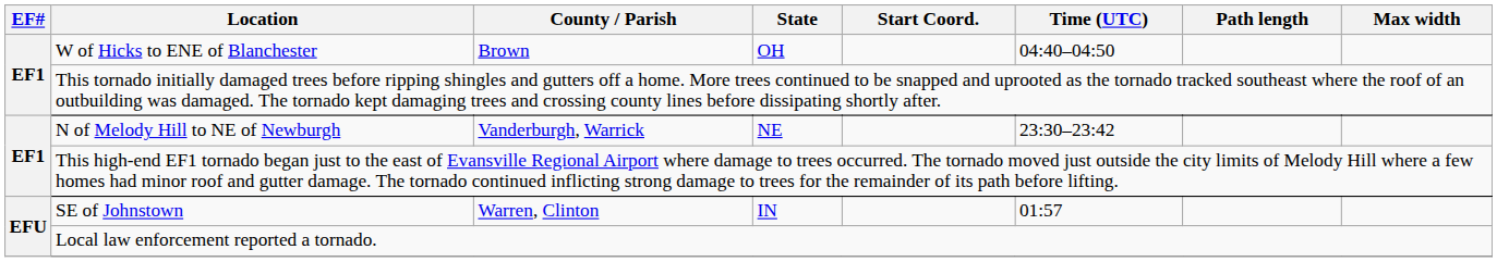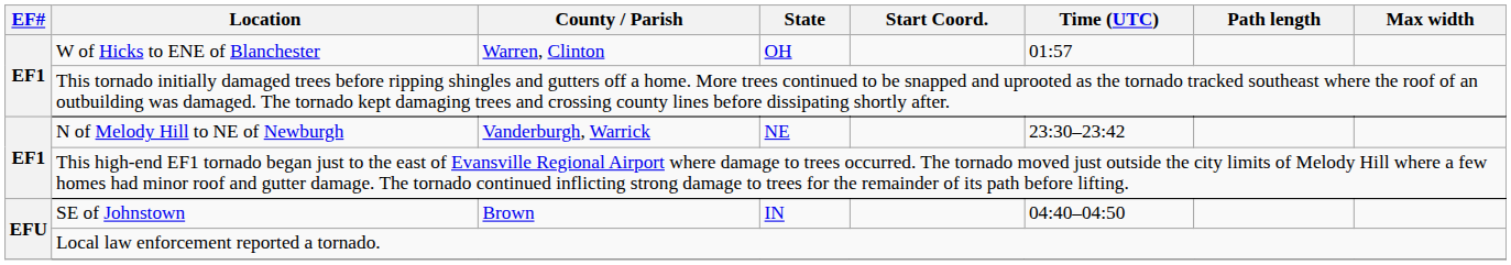 <table class="wikitable sortable" style="width:100%;">
 <tr>
 <th scope="col" width="2%" align="center"><a href='#'>EF#</a></th>
 <th scope="col" align="center" class="unsortable">Location</th>
 <th scope="col" align="center" class="unsortable">County / Parish</th>
 <th scope="col" align="center">State</th>
 <th scope="col" align="center">Start Coord.</th>
 <th scope="col" align="center">Time (<a href='#'>UTC</a>)</th>
 <th scope="col" align="center">Path length</th>
 <th scope="col" align="center">Max width</th>
 </tr>
 <tr>
 <th scope="row" rowspan="2" style="background-color:#">EF1</th>
 <td>W of <a href='#'>Hicks</a> to ENE of <a href='#'>Blanchester</a></td>
-<td><a href='#'>Brown</a></td>
+<td><a href='#'>Warren</a>, <a href='#'>Clinton</a></td>
 <td><a href='#'>OH</a></td>
 <td></td>
-<td>04:40–04:50</td>
+<td>01:57</td>
 <td></td>
 <td></td>
 </tr>
 <tr class="expand-child">
 <td colspan="8" style=" border-bottom: 1px solid black;">This tornado initially damaged trees before ripping shingles and gutters off a home. More trees continued to be snapped and uprooted as the tornado tracked southeast where the roof of an outbuilding was damaged. The tornado kept damaging trees and crossing county lines before dissipating shortly after.</td>
 </tr>
 <tr>
 <th scope="row" rowspan="2" style="background-color:#">EF1</th>
 <td>N of <a href='#'>Melody Hill</a> to NE of <a href='#'>Newburgh</a></td>
 <td><a href='#'>Vanderburgh</a>, <a href='#'>Warrick</a></td>
 <td><a href='#'>NE</a></td>
 <td></td>
 <td>23:30–23:42</td>
 <td></td>
 <td></td>
 </tr>
 <tr class="expand-child">
 <td colspan="8" style=" border-bottom: 1px solid black;">This high-end EF1 tornado began just to the east of <a href='#'>Evansville Regional Airport</a> where damage to trees occurred. The tornado moved just outside the city limits of Melody Hill where a few homes had minor roof and gutter damage. The tornado continued inflicting strong damage to trees for the remainder of its path before lifting.</td>
 </tr>
 <tr>
 <th scope="row" rowspan="2" style="background-color:#">EFU</th>
 <td>SE of <a href='#'>Johnstown</a></td>
-<td><a href='#'>Warren</a>, <a href='#'>Clinton</a></td>
+<td><a href='#'>Brown</a></td>
 <td><a href='#'>IN</a></td>
 <td></td>
-<td>01:57</td>
+<td>04:40–04:50</td>
 <td></td>
 <td></td>
 </tr>
 <tr class="expand-child">
 <td colspan="8" style=" border-bottom: 1px solid black;">Local law enforcement reported a tornado.</td>
 </tr>
 <tr>
 </tr>
 </table>
